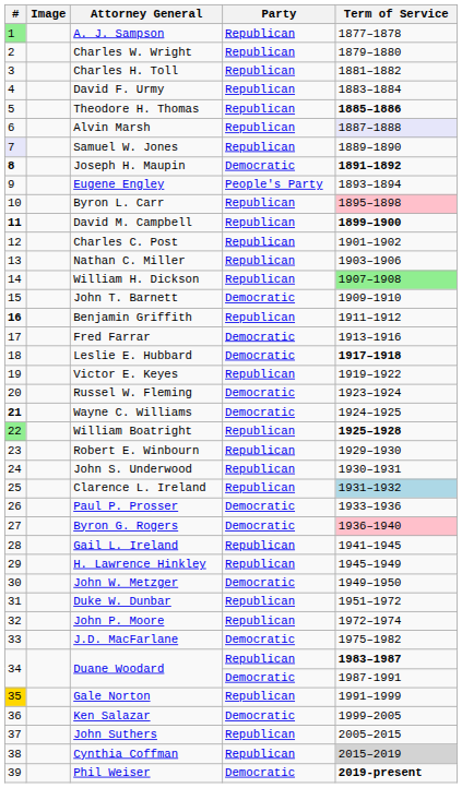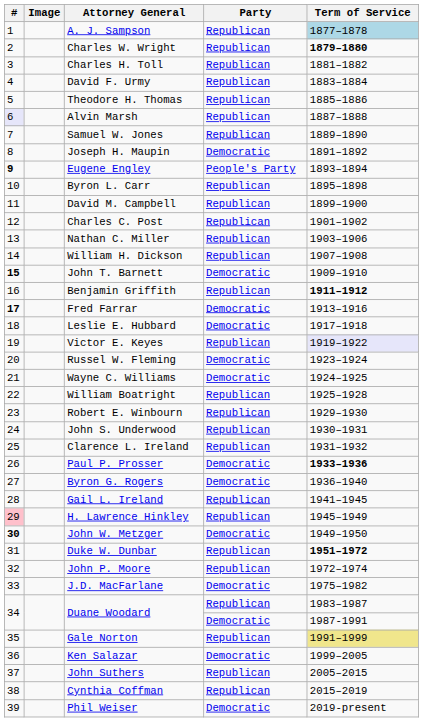 <table class="wikitable" style="width:40%;">
 <tr>
 <th>#</th>
 <th>Image</th>
 <th>Attorney General</th>
 <th>Party</th>
 <th>Term of Service</th>
 </tr>
 <tr>
-<td style="background: lightgreen;">1</td>
+<td>1</td>
 <td></td>
 <td><a href='#'>A. J. Sampson</a></td>
 <td><a href='#'>Republican</a></td>
-<td>1877–1878</td>
+<td style="background: lightblue;">1877–1878</td>
 </tr>
 <tr>
 <td>2</td>
 <td></td>
 <td>Charles W. Wright</td>
 <td><a href='#'>Republican</a></td>
-<td>1879–1880</td>
+<td><strong>1879–1880</strong></td>
 </tr>
 <tr>
 <td>3</td>
 <td></td>
 <td>Charles H. Toll</td>
 <td><a href='#'>Republican</a></td>
 <td>1881–1882</td>
 </tr>
 <tr>
 <td>4</td>
 <td></td>
 <td>David F. Urmy</td>
 <td><a href='#'>Republican</a></td>
 <td>1883–1884</td>
 </tr>
 <tr>
 <td>5</td>
 <td></td>
 <td>Theodore H. Thomas</td>
 <td><a href='#'>Republican</a></td>
-<td><strong>1885–1886</strong></td>
+<td>1885–1886</td>
 </tr>
 <tr>
-<td>6</td>
+<td style="background: lavender;">6</td>
 <td></td>
 <td>Alvin Marsh</td>
 <td><a href='#'>Republican</a></td>
-<td style="background: lavender;">1887–1888</td>
+<td>1887–1888</td>
 </tr>
 <tr>
-<td style="background: lavender;">7</td>
+<td>7</td>
 <td></td>
 <td>Samuel W. Jones</td>
 <td><a href='#'>Republican</a></td>
 <td>1889–1890</td>
 </tr>
 <tr>
-<td><strong>8</strong></td>
+<td>8</td>
 <td></td>
 <td>Joseph H. Maupin</td>
 <td><a href='#'>Democratic</a></td>
-<td><strong>1891–1892</strong></td>
+<td>1891–1892</td>
 </tr>
 <tr>
-<td>9</td>
+<td><strong>9</strong></td>
 <td></td>
 <td><a href='#'>Eugene Engley</a></td>
 <td><a href='#'>People's Party</a></td>
 <td>1893–1894</td>
 </tr>
 <tr>
 <td>10</td>
 <td></td>
 <td>Byron L. Carr</td>
 <td><a href='#'>Republican</a></td>
-<td style="background: pink;">1895–1898</td>
+<td>1895–1898</td>
 </tr>
 <tr>
-<td><strong>11</strong></td>
+<td>11</td>
 <td></td>
 <td>David M. Campbell</td>
 <td><a href='#'>Republican</a></td>
-<td><strong>1899–1900</strong></td>
+<td>1899–1900</td>
 </tr>
 <tr>
 <td>12</td>
 <td></td>
 <td>Charles C. Post</td>
 <td><a href='#'>Republican</a></td>
 <td>1901–1902</td>
 </tr>
 <tr>
 <td>13</td>
 <td></td>
 <td>Nathan C. Miller</td>
 <td><a href='#'>Republican</a></td>
 <td>1903–1906</td>
 </tr>
 <tr>
 <td>14</td>
 <td></td>
 <td>William H. Dickson</td>
 <td><a href='#'>Republican</a></td>
-<td style="background: lightgreen;">1907–1908</td>
+<td>1907–1908</td>
 </tr>
 <tr>
-<td>15</td>
+<td><strong>15</strong></td>
 <td></td>
 <td>John T. Barnett</td>
 <td><a href='#'>Democratic</a></td>
 <td>1909–1910</td>
 </tr>
 <tr>
-<td><strong>16</strong></td>
+<td>16</td>
 <td></td>
 <td>Benjamin Griffith</td>
 <td><a href='#'>Republican</a></td>
-<td>1911–1912</td>
+<td><strong>1911–1912</strong></td>
 </tr>
 <tr>
-<td>17</td>
+<td><strong>17</strong></td>
 <td></td>
 <td>Fred Farrar</td>
 <td><a href='#'>Democratic</a></td>
 <td>1913–1916</td>
 </tr>
 <tr>
 <td>18</td>
 <td></td>
 <td>Leslie E. Hubbard</td>
 <td><a href='#'>Democratic</a></td>
-<td><strong>1917–1918</strong></td>
+<td>1917–1918</td>
 </tr>
 <tr>
 <td>19</td>
 <td></td>
 <td>Victor E. Keyes</td>
 <td><a href='#'>Republican</a></td>
-<td>1919–1922</td>
+<td style="background: lavender;">1919–1922</td>
 </tr>
 <tr>
 <td>20</td>
 <td></td>
 <td>Russel W. Fleming</td>
 <td><a href='#'>Democratic</a></td>
 <td>1923–1924</td>
 </tr>
 <tr>
-<td><strong>21</strong></td>
+<td>21</td>
 <td></td>
 <td>Wayne C. Williams</td>
 <td><a href='#'>Democratic</a></td>
 <td>1924–1925</td>
 </tr>
 <tr>
-<td style="background: lightgreen;">22</td>
+<td>22</td>
 <td></td>
 <td>William Boatright</td>
 <td><a href='#'>Republican</a></td>
-<td><strong>1925–1928</strong></td>
+<td>1925–1928</td>
 </tr>
 <tr>
 <td>23</td>
 <td></td>
 <td>Robert E. Winbourn</td>
 <td><a href='#'>Republican</a></td>
 <td>1929–1930</td>
 </tr>
 <tr>
 <td>24</td>
 <td></td>
 <td>John S. Underwood</td>
 <td><a href='#'>Republican</a></td>
 <td>1930–1931</td>
 </tr>
 <tr>
 <td>25</td>
 <td></td>
 <td>Clarence L. Ireland</td>
 <td><a href='#'>Republican</a></td>
-<td style="background: lightblue;">1931–1932</td>
+<td>1931–1932</td>
 </tr>
 <tr>
 <td>26</td>
 <td></td>
 <td><a href='#'>Paul P. Prosser</a></td>
 <td><a href='#'>Democratic</a></td>
-<td>1933–1936</td>
+<td><strong>1933–1936</strong></td>
 </tr>
 <tr>
 <td>27</td>
 <td></td>
 <td><a href='#'>Byron G. Rogers</a></td>
 <td><a href='#'>Democratic</a></td>
-<td style="background: pink;">1936–1940</td>
+<td>1936–1940</td>
 </tr>
 <tr>
 <td>28</td>
 <td></td>
 <td><a href='#'>Gail L. Ireland</a></td>
 <td><a href='#'>Republican</a></td>
 <td>1941–1945</td>
 </tr>
 <tr>
-<td>29</td>
+<td style="background: pink;">29</td>
 <td></td>
 <td><a href='#'>H. Lawrence Hinkley</a></td>
 <td><a href='#'>Republican</a></td>
 <td>1945–1949</td>
 </tr>
 <tr>
-<td>30</td>
+<td><strong>30</strong></td>
 <td></td>
 <td><a href='#'>John W. Metzger</a></td>
 <td><a href='#'>Democratic</a></td>
 <td>1949–1950</td>
 </tr>
 <tr>
 <td>31</td>
 <td></td>
 <td><a href='#'>Duke W. Dunbar</a></td>
 <td><a href='#'>Republican</a></td>
-<td>1951–1972</td>
+<td><strong>1951–1972</strong></td>
 </tr>
 <tr>
 <td>32</td>
 <td></td>
 <td><a href='#'>John P. Moore</a></td>
 <td><a href='#'>Republican</a></td>
 <td>1972–1974</td>
 </tr>
 <tr>
 <td>33</td>
 <td></td>
 <td><a href='#'>J.D. MacFarlane</a></td>
 <td><a href='#'>Democratic</a></td>
 <td>1975–1982</td>
 </tr>
 <tr>
 <td rowspan=2>34</td>
 <td rowspan=2></td>
 <td rowspan=2><a href='#'>Duane Woodard</a></td>
 <td><a href='#'>Republican</a></td>
-<td><strong>1983–1987</strong></td>
+<td>1983–1987</td>
 </tr>
 <tr>
 <td><a href='#'>Democratic</a></td>
 <td>1987-1991</td>
 </tr>
 <tr>
-<td style="background: gold;">35</td>
+<td>35</td>
 <td></td>
 <td><a href='#'>Gale Norton</a></td>
 <td><a href='#'>Republican</a></td>
-<td>1991–1999</td>
+<td style="background: khaki;">1991–1999</td>
 </tr>
 <tr>
 <td>36</td>
 <td></td>
 <td><a href='#'>Ken Salazar</a></td>
 <td><a href='#'>Democratic</a></td>
 <td>1999–2005</td>
 </tr>
 <tr>
 <td>37</td>
 <td></td>
 <td><a href='#'>John Suthers</a></td>
 <td><a href='#'>Republican</a></td>
 <td>2005–2015</td>
 </tr>
 <tr>
 <td>38</td>
 <td></td>
 <td><a href='#'>Cynthia Coffman</a></td>
 <td><a href='#'>Republican</a></td>
-<td style="background: lightgrey;">2015–2019</td>
+<td>2015–2019</td>
 </tr>
 <tr>
 <td>39</td>
 <td></td>
 <td><a href='#'>Phil Weiser</a></td>
 <td><a href='#'>Democratic</a></td>
-<td><strong>2019-present</strong></td>
+<td>2019-present</td>
 </tr>
 </table>
